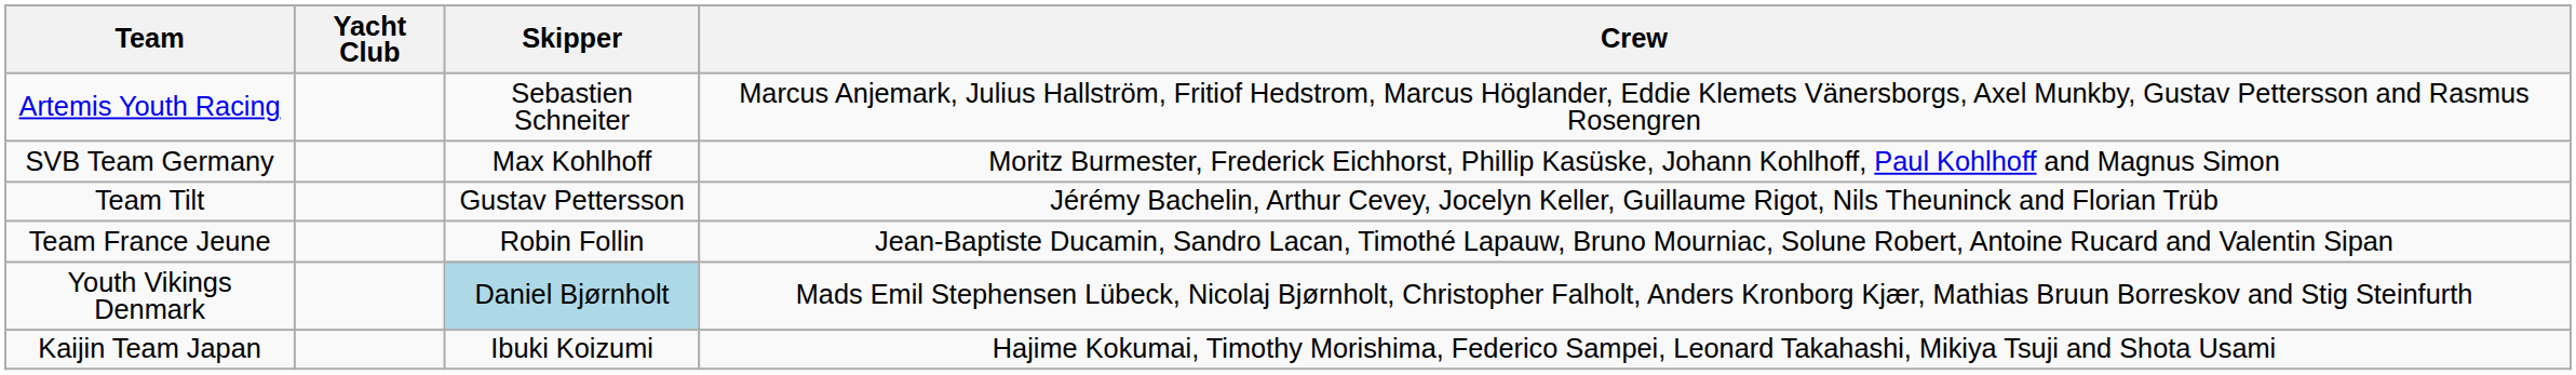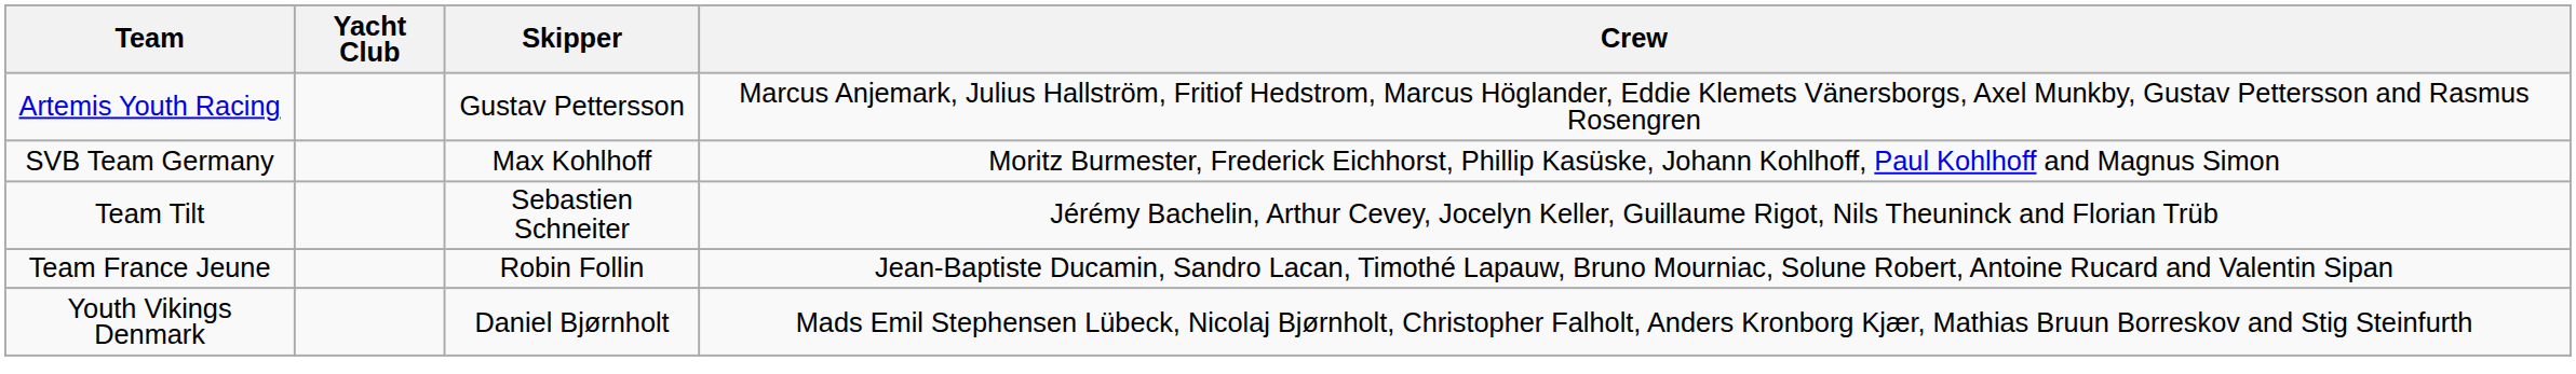 <table class="wikitable" style="font-size:10pt;line-height:1.0;line-width:2.0;text-align: center;">
 <tr>
 <th>Team</th>
 <th>Yacht Club</th>
 <th>Skipper</th>
 <th>Crew</th>
 </tr>
 <tr>
 <td> <a href='#'>Artemis Youth Racing</a></td>
 <td></td>
-<td>Sebastien Schneiter</td>
+<td>Gustav Pettersson</td>
 <td>Marcus Anjemark, Julius Hallström, Fritiof Hedstrom, Marcus Höglander, Eddie Klemets Vänersborgs, Axel Munkby, Gustav Pettersson and Rasmus Rosengren</td>
 </tr>
 <tr>
 <td> SVB Team Germany</td>
 <td></td>
 <td>Max Kohlhoff</td>
 <td>Moritz Burmester, Frederick Eichhorst, Phillip Kasüske, Johann Kohlhoff, <a href='#'>Paul Kohlhoff</a> and Magnus Simon</td>
 </tr>
 <tr>
 <td> Team Tilt</td>
 <td></td>
-<td>Gustav Pettersson</td>
+<td>Sebastien Schneiter</td>
 <td>Jérémy Bachelin, Arthur Cevey, Jocelyn Keller, Guillaume Rigot, Nils Theuninck and Florian Trüb</td>
 </tr>
 <tr>
 <td> Team France Jeune</td>
 <td></td>
 <td>Robin Follin</td>
 <td>Jean-Baptiste Ducamin, Sandro Lacan, Timothé Lapauw, Bruno Mourniac, Solune Robert, Antoine Rucard and Valentin Sipan</td>
 </tr>
 <tr>
 <td> Youth Vikings Denmark</td>
 <td></td>
-<td style="background: lightblue;">Daniel Bjørnholt</td>
+<td>Daniel Bjørnholt</td>
 <td>Mads Emil Stephensen Lübeck, Nicolaj Bjørnholt, Christopher Falholt, Anders Kronborg Kjær, Mathias Bruun Borreskov and Stig Steinfurth</td>
 </tr>
-<tr>
-<td> Kaijin Team Japan</td>
-<td></td>
-<td>Ibuki Koizumi</td>
-<td>Hajime Kokumai, Timothy Morishima, Federico Sampei, Leonard Takahashi, Mikiya Tsuji and Shota Usami</td>
-</tr>
 </table>
